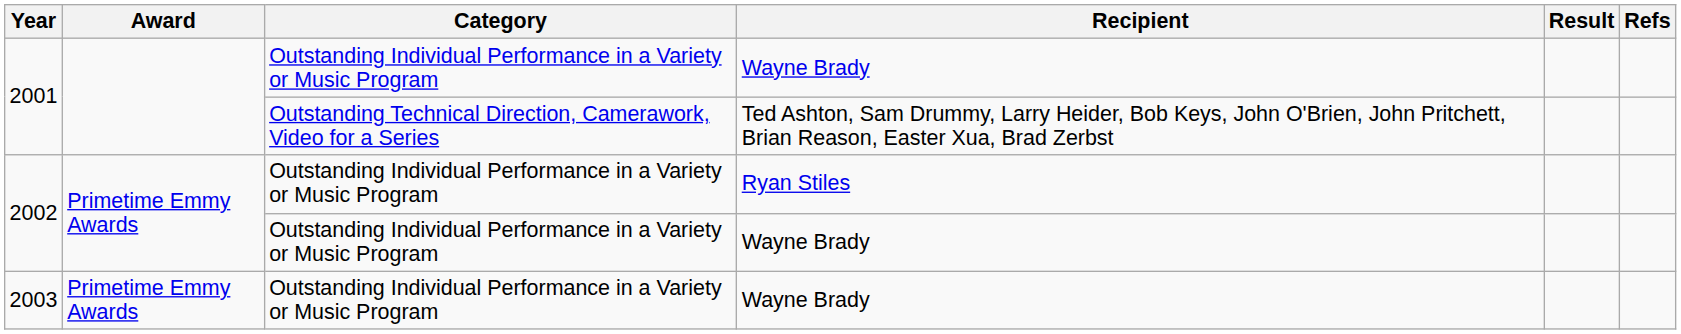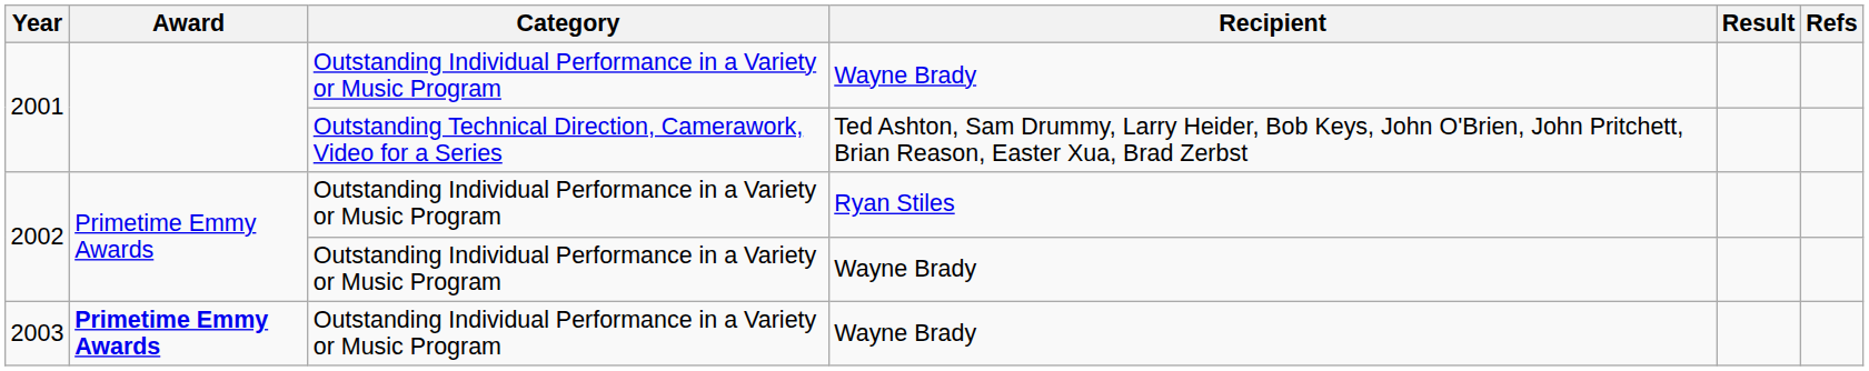 <table class="wikitable">
 <tr>
 <th>Year</th>
 <th>Award</th>
 <th>Category</th>
 <th>Recipient</th>
 <th>Result</th>
 <th>Refs</th>
 </tr>
 <tr>
 <td rowspan="2">2001</td>
 <td rowspan="2"></td>
 <td><a href='#'>Outstanding Individual Performance in a Variety or Music Program</a></td>
 <td><a href='#'>Wayne Brady</a></td>
 <td></td>
 <td style="text-align:center;"></td>
 </tr>
 <tr>
 <td><a href='#'>Outstanding Technical Direction, Camerawork, Video for a Series</a></td>
 <td>Ted Ashton, Sam Drummy, Larry Heider, Bob Keys, John O'Brien, John Pritchett, Brian Reason, Easter Xua, Brad Zerbst</td>
 <td></td>
 <td style="text-align:center;"></td>
 </tr>
 <tr>
 <td rowspan="2">2002</td>
 <td rowspan="2"><a href='#'>Primetime Emmy Awards</a></td>
 <td>Outstanding Individual Performance in a Variety or Music Program</td>
 <td><a href='#'>Ryan Stiles</a></td>
 <td></td>
 <td style="text-align:center;"></td>
 </tr>
 <tr>
 <td>Outstanding Individual Performance in a Variety or Music Program</td>
 <td>Wayne Brady</td>
 <td></td>
 <td style="text-align:center;"></td>
 </tr>
 <tr>
 <td>2003</td>
-<td><a href='#'>Primetime Emmy Awards</a></td>
+<td><strong><a href='#'>Primetime Emmy Awards</a></strong></td>
 <td>Outstanding Individual Performance in a Variety or Music Program</td>
 <td>Wayne Brady</td>
 <td></td>
 <td style="text-align:center;"></td>
 </tr>
 </table>
